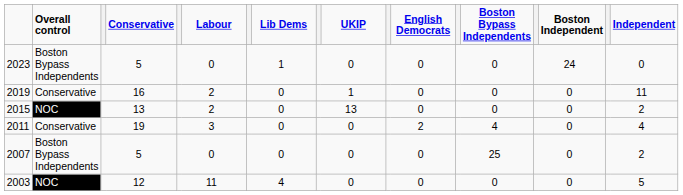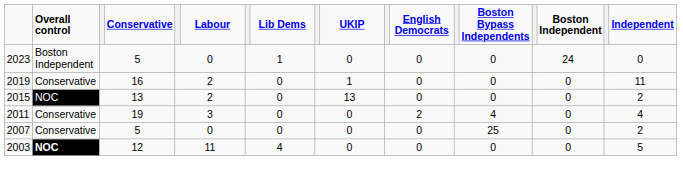 <table class="wikitable" style="text-align:left; padding-left:1em; font-size: 95%">
 <tr>
 <td width=32></td>
 <td width=90><strong>Overall control</strong></td>
 <th style="background-color: "></th>
 <td width=87 align="center"><strong><a href='#'>Conservative</a></strong></td>
 <th style="background-color: "></th>
 <td width=87 align="center"><strong><a href='#'>Labour</a></strong></td>
 <th style="background-color: "></th>
 <td width=87 align="center"><strong><a href='#'>Lib Dems</a></strong></td>
 <th style="background-color: "></th>
 <td width=87 align="center"><strong><a href='#'>UKIP</a></strong></td>
 <th style="background-color: "></th>
 <td width=87 align="center"><strong><a href='#'>English Democrats</a></strong></td>
 <th style="background-color: "></th>
 <td width=87 align="center"><strong><a href='#'>Boston Bypass Independents</a></strong></td>
 <th style="background-color: "></th>
 <td width=87 align="center"><strong>Boston Independent</strong></td>
 <th style="background-color: "></th>
 <td width=87 align="center"><strong><a href='#'>Independent</a></strong></td>
 </tr>
 <tr>
 <td>2023</td>
-<td style="background:">Boston Bypass Independents</td>
+<td style="background:">Boston Independent</td>
 <td colspan=2 align="center">5</td>
 <td colspan=2 align="center">0</td>
 <td colspan=2 align="center">1</td>
 <td colspan=2 align="center">0</td>
 <td colspan=2 align="center">0</td>
 <td colspan=2 align="center">0</td>
 <td colspan=2 align="center">24</td>
 <td colspan=2 align="center">0</td>
 </tr>
 <tr>
 <td>2019</td>
 <td style="background:">Conservative</td>
 <td colspan=2 align="center">16</td>
 <td colspan=2 align="center">2</td>
 <td colspan=2 align="center">0</td>
 <td colspan=2 align="center">1</td>
 <td colspan=2 align="center">0</td>
 <td colspan=2 align="center">0</td>
 <td colspan=2 align="center">0</td>
 <td colspan=2 align="center">11</td>
 </tr>
 <tr>
 <td>2015</td>
 <td style="background:black; color:white">NOC</td>
 <td colspan=2 align="center">13</td>
 <td colspan=2 align="center">2</td>
 <td colspan=2 align="center">0</td>
 <td colspan=2 align="center">13</td>
 <td colspan=2 align="center">0</td>
 <td colspan=2 align="center">0</td>
 <td colspan=2 align="center">0</td>
 <td colspan=2 align="center">2</td>
 </tr>
 <tr>
 <td>2011</td>
 <td style="background:">Conservative</td>
 <td colspan=2 align="center">19</td>
 <td colspan=2 align="center">3</td>
 <td colspan=2 align="center">0</td>
 <td colspan=2 align="center">0</td>
 <td colspan=2 align="center">2</td>
 <td colspan=2 align="center">4</td>
 <td colspan=2 align="center">0</td>
 <td colspan=2 align="center">4</td>
 </tr>
 <tr>
 <td>2007</td>
-<td style="background:">Boston Bypass Independents</td>
+<td style="background:">Conservative</td>
 <td colspan=2 align="center">5</td>
 <td colspan=2 align="center">0</td>
 <td colspan=2 align="center">0</td>
 <td colspan=2 align="center">0</td>
 <td colspan=2 align="center">0</td>
 <td colspan=2 align="center">25</td>
 <td colspan=2 align="center">0</td>
 <td colspan=2 align="center">2</td>
 </tr>
 <tr>
 <td>2003</td>
-<td style="background:black; color:white">NOC</td>
+<td style="background:black; color:white"><strong>NOC</strong></td>
 <td colspan=2 align="center">12</td>
 <td colspan=2 align="center">11</td>
 <td colspan=2 align="center">4</td>
 <td colspan=2 align="center">0</td>
 <td colspan=2 align="center">0</td>
 <td colspan=2 align="center">0</td>
 <td colspan=2 align="center">0</td>
 <td colspan=2 align="center">5</td>
 </tr>
 </table>
